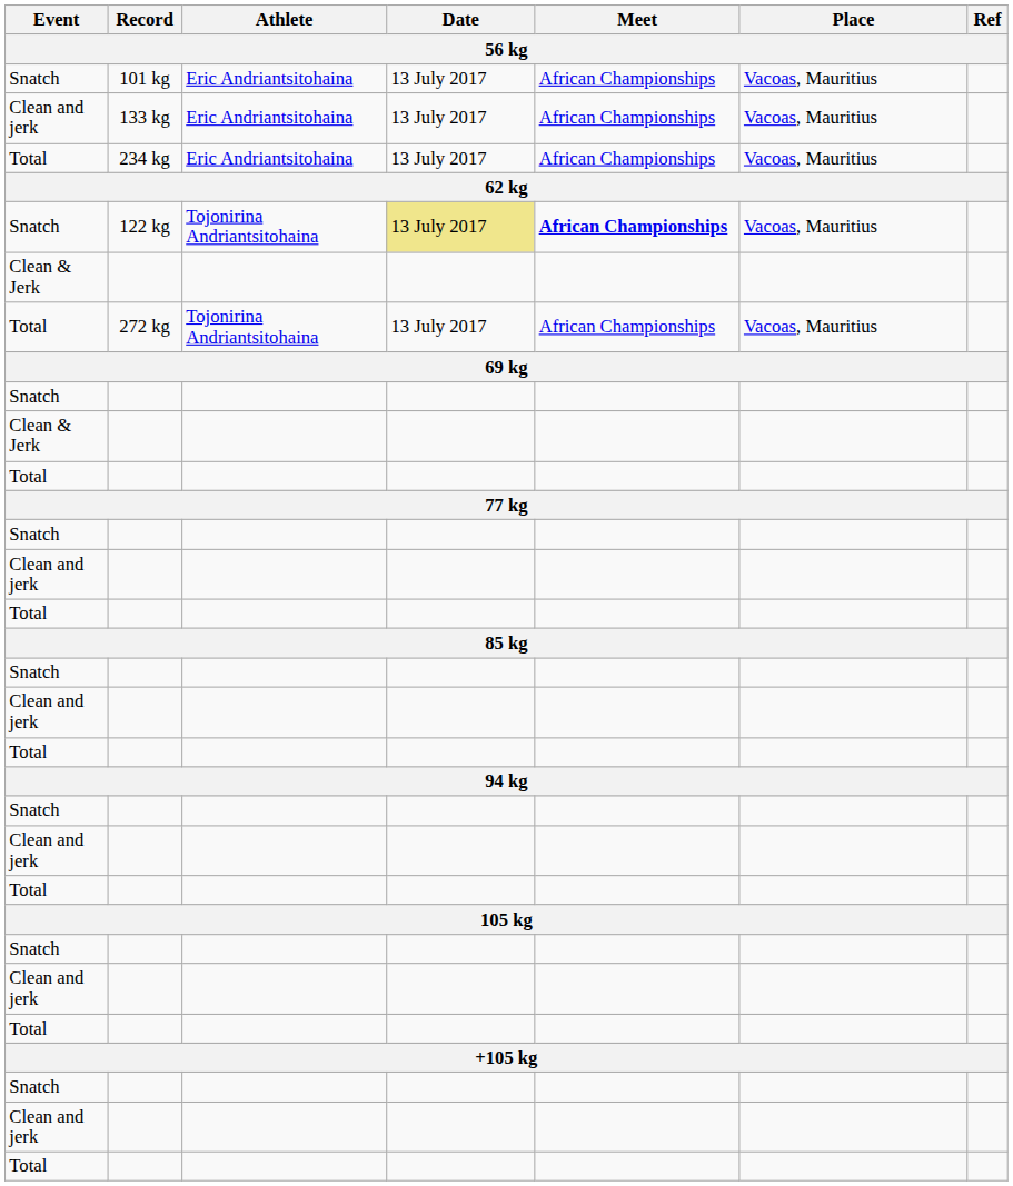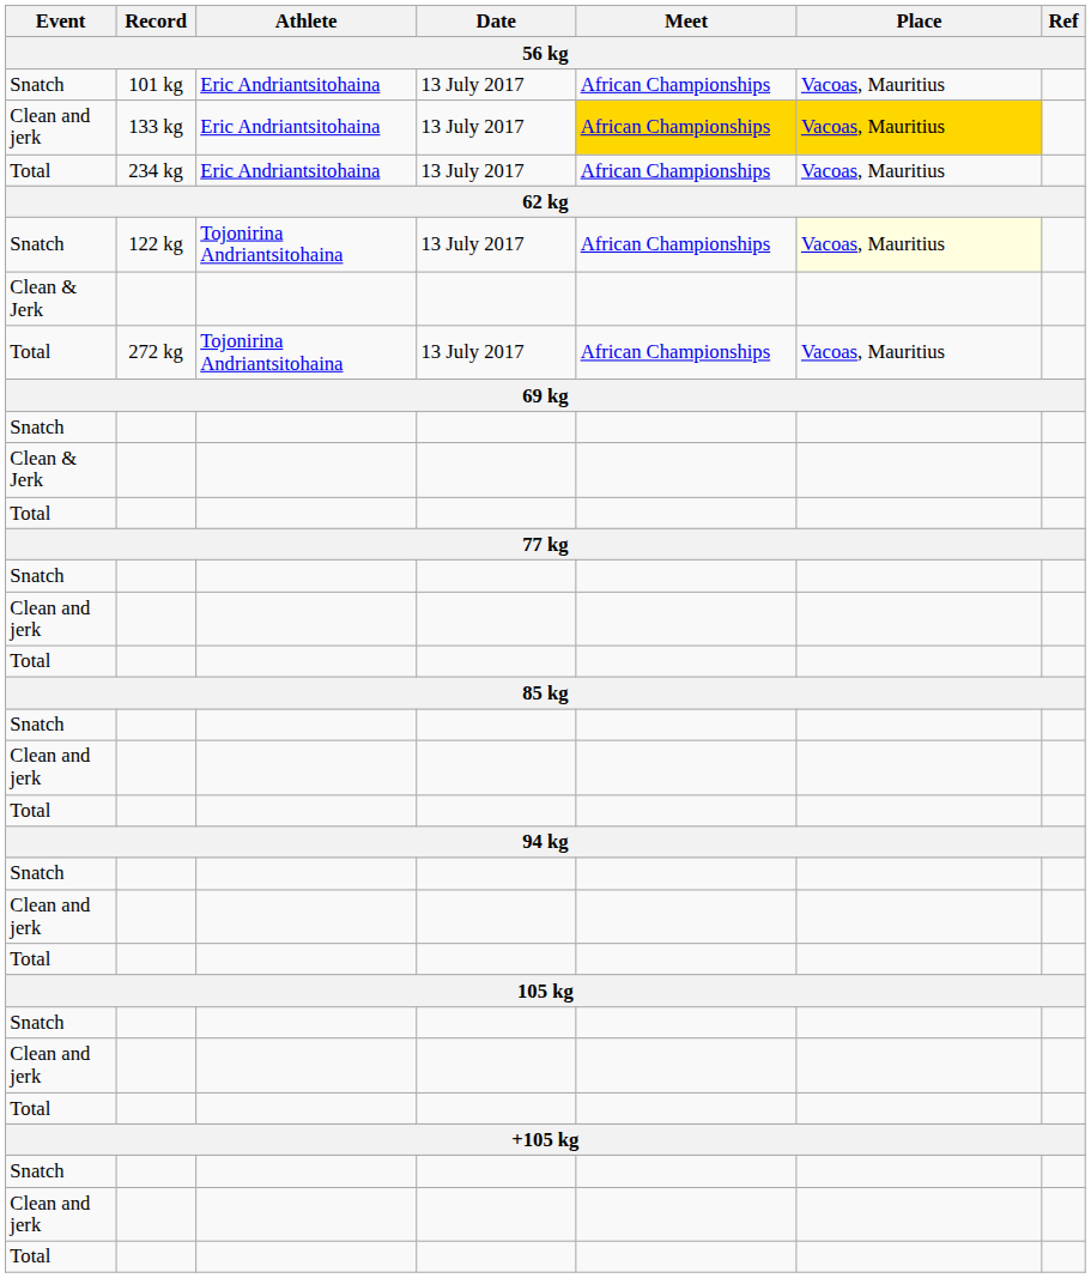 <table class="wikitable">
 <tr>
 <th width=9%>Event</th>
 <th width=6%>Record</th>
 <th width=18%>Athlete</th>
 <th width=13%>Date</th>
 <th width=18%>Meet</th>
 <th width=20%>Place</th>
 <th width=3%>Ref</th>
 </tr>
 <tr bgcolor="#DDDDDD">
 <th colspan="8">56 kg</th>
 </tr>
 <tr>
 <td>Snatch</td>
 <td align="center">101 kg</td>
 <td><a href='#'>Eric Andriantsitohaina</a></td>
 <td>13 July 2017</td>
 <td><a href='#'>African Championships</a></td>
 <td><a href='#'>Vacoas</a>, Mauritius</td>
 <td></td>
 </tr>
 <tr>
 <td>Clean and jerk</td>
 <td align="center">133 kg</td>
 <td><a href='#'>Eric Andriantsitohaina</a></td>
 <td>13 July 2017</td>
-<td><a href='#'>African Championships</a></td>
-<td><a href='#'>Vacoas</a>, Mauritius</td>
+<td style="background: gold;"><a href='#'>African Championships</a></td>
+<td style="background: gold;"><a href='#'>Vacoas</a>, Mauritius</td>
 <td></td>
 </tr>
 <tr>
 <td>Total</td>
 <td align="center">234 kg</td>
 <td><a href='#'>Eric Andriantsitohaina</a></td>
 <td>13 July 2017</td>
 <td><a href='#'>African Championships</a></td>
 <td><a href='#'>Vacoas</a>, Mauritius</td>
 <td></td>
 </tr>
 <tr bgcolor="#DDDDDD">
 <th colspan="8">62 kg</th>
 </tr>
 <tr>
 <td>Snatch</td>
 <td align="center">122 kg</td>
 <td><a href='#'>Tojonirina Andriantsitohaina</a></td>
-<td style="background: khaki;">13 July 2017</td>
-<td><strong><a href='#'>African Championships</a></strong></td>
-<td><a href='#'>Vacoas</a>, Mauritius</td>
+<td>13 July 2017</td>
+<td><a href='#'>African Championships</a></td>
+<td style="background: lightyellow;"><a href='#'>Vacoas</a>, Mauritius</td>
 <td></td>
 </tr>
 <tr>
 <td>Clean & Jerk</td>
 <td></td>
 <td></td>
 <td></td>
 <td></td>
 <td></td>
 <td></td>
 </tr>
 <tr>
 <td>Total</td>
 <td align="center">272 kg</td>
 <td><a href='#'>Tojonirina Andriantsitohaina</a></td>
 <td>13 July 2017</td>
 <td><a href='#'>African Championships</a></td>
 <td><a href='#'>Vacoas</a>, Mauritius</td>
 <td></td>
 </tr>
 <tr bgcolor="#DDDDDD">
 <th colspan="8">69 kg</th>
 </tr>
 <tr>
 <td>Snatch</td>
 <td></td>
 <td></td>
 <td></td>
 <td></td>
 <td></td>
 <td></td>
 </tr>
 <tr>
 <td>Clean & Jerk</td>
 <td align="center"></td>
 <td></td>
 <td></td>
 <td></td>
 <td></td>
 <td></td>
 </tr>
 <tr>
 <td>Total</td>
 <td></td>
 <td></td>
 <td></td>
 <td></td>
 <td></td>
 <td></td>
 </tr>
 <tr bgcolor="#DDDDDD">
 <th colspan="8">77 kg</th>
 </tr>
 <tr>
 <td>Snatch</td>
 <td></td>
 <td></td>
 <td></td>
 <td></td>
 <td></td>
 <td></td>
 </tr>
 <tr>
 <td>Clean and jerk</td>
 <td align="center"></td>
 <td></td>
 <td></td>
 <td></td>
 <td></td>
 <td></td>
 </tr>
 <tr>
 <td>Total</td>
 <td></td>
 <td></td>
 <td></td>
 <td></td>
 <td></td>
 <td></td>
 </tr>
 <tr bgcolor="#DDDDDD">
 <th colspan="8">85 kg</th>
 </tr>
 <tr>
 <td>Snatch</td>
 <td align="center"></td>
 <td></td>
 <td></td>
 <td></td>
 <td></td>
 <td></td>
 </tr>
 <tr>
 <td>Clean and jerk</td>
 <td align="center"></td>
 <td></td>
 <td></td>
 <td></td>
 <td></td>
 <td></td>
 </tr>
 <tr>
 <td>Total</td>
 <td align="center"></td>
 <td></td>
 <td></td>
 <td></td>
 <td></td>
 <td></td>
 </tr>
 <tr bgcolor="#DDDDDD">
 <th colspan="8">94 kg</th>
 </tr>
 <tr>
 <td>Snatch</td>
 <td align="center"></td>
 <td></td>
 <td></td>
 <td></td>
 <td></td>
 <td></td>
 </tr>
 <tr>
 <td>Clean and jerk</td>
 <td align="center"></td>
 <td></td>
 <td></td>
 <td></td>
 <td></td>
 <td></td>
 </tr>
 <tr>
 <td>Total</td>
 <td align="center"></td>
 <td></td>
 <td></td>
 <td></td>
 <td></td>
 <td></td>
 </tr>
 <tr bgcolor="#DDDDDD">
 <th colspan="8">105 kg</th>
 </tr>
 <tr>
 <td>Snatch</td>
 <td></td>
 <td></td>
 <td></td>
 <td></td>
 <td></td>
 <td></td>
 </tr>
 <tr>
 <td>Clean and jerk</td>
 <td align="center"></td>
 <td></td>
 <td></td>
 <td></td>
 <td></td>
 <td></td>
 </tr>
 <tr>
 <td>Total</td>
 <td></td>
 <td></td>
 <td></td>
 <td></td>
 <td></td>
 <td></td>
 </tr>
 <tr bgcolor="#DDDDDD">
 <th colspan="8">+105 kg</th>
 </tr>
 <tr>
 <td>Snatch</td>
 <td align="center"></td>
 <td></td>
 <td></td>
 <td></td>
 <td></td>
 <td></td>
 </tr>
 <tr>
 <td>Clean and jerk</td>
 <td></td>
 <td></td>
 <td></td>
 <td></td>
 <td></td>
 <td></td>
 </tr>
 <tr>
 <td>Total</td>
 <td></td>
 <td></td>
 <td></td>
 <td></td>
 <td></td>
 <td></td>
 </tr>
 </table>
